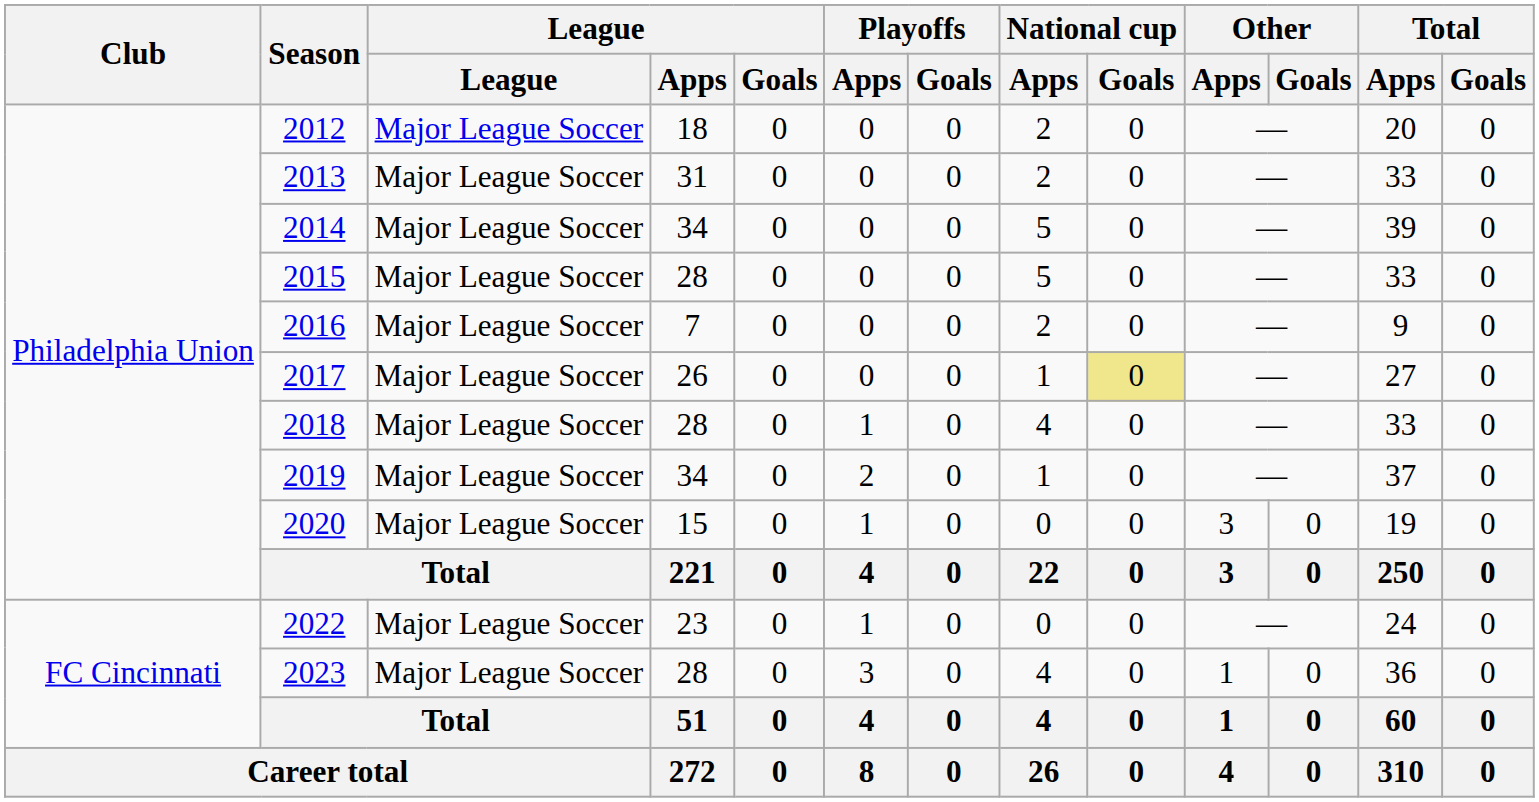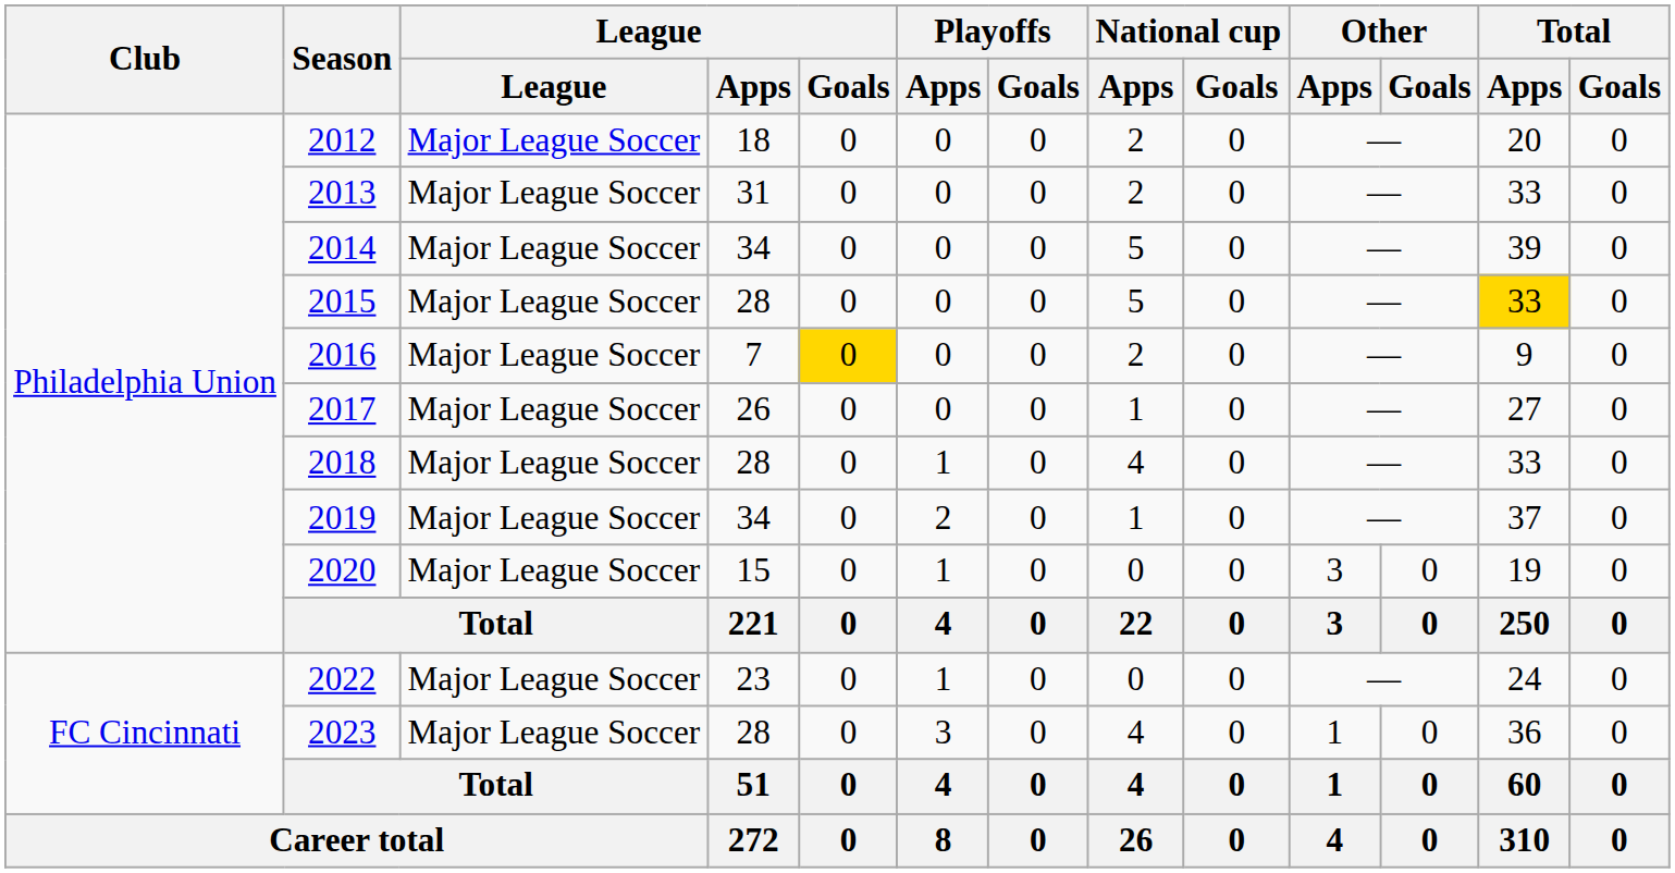 <table class="wikitable" style="text-align:center">
 <tr>
 <th rowspan="2">Club</th>
 <th rowspan="2">Season</th>
 <th colspan="3">League</th>
 <th colspan="2">Playoffs</th>
 <th colspan=2>National cup</th>
 <th colspan=2>Other</th>
 <th colspan=2>Total</th>
 </tr>
 <tr>
 <th>League</th>
 <th>Apps</th>
 <th>Goals</th>
 <th>Apps</th>
 <th>Goals</th>
 <th>Apps</th>
 <th>Goals</th>
 <th>Apps</th>
 <th>Goals</th>
 <th>Apps</th>
 <th>Goals</th>
 </tr>
 <tr>
 <td rowspan="10"><a href='#'>Philadelphia Union</a></td>
 <td><a href='#'>2012</a></td>
 <td><a href='#'>Major League Soccer</a></td>
 <td>18</td>
 <td>0</td>
 <td>0</td>
 <td>0</td>
 <td>2</td>
 <td>0</td>
 <td colspan="2">—</td>
 <td>20</td>
 <td>0</td>
 </tr>
 <tr>
 <td><a href='#'>2013</a></td>
 <td>Major League Soccer</td>
 <td>31</td>
 <td>0</td>
 <td>0</td>
 <td>0</td>
 <td>2</td>
 <td>0</td>
 <td colspan="2">—</td>
 <td>33</td>
 <td>0</td>
 </tr>
 <tr>
 <td><a href='#'>2014</a></td>
 <td>Major League Soccer</td>
 <td>34</td>
 <td>0</td>
 <td>0</td>
 <td>0</td>
 <td>5</td>
 <td>0</td>
 <td colspan="2">—</td>
 <td>39</td>
 <td>0</td>
 </tr>
 <tr>
 <td><a href='#'>2015</a></td>
 <td>Major League Soccer</td>
 <td>28</td>
 <td>0</td>
 <td>0</td>
 <td>0</td>
 <td>5</td>
 <td>0</td>
 <td colspan="2">—</td>
-<td>33</td>
+<td style="background: gold;">33</td>
 <td>0</td>
 </tr>
 <tr>
 <td><a href='#'>2016</a></td>
 <td>Major League Soccer</td>
 <td>7</td>
-<td>0</td>
+<td style="background: gold;">0</td>
 <td>0</td>
 <td>0</td>
 <td>2</td>
 <td>0</td>
 <td colspan="2">—</td>
 <td>9</td>
 <td>0</td>
 </tr>
 <tr>
 <td><a href='#'>2017</a></td>
 <td>Major League Soccer</td>
 <td>26</td>
 <td>0</td>
 <td>0</td>
 <td>0</td>
 <td>1</td>
-<td style="background: khaki;">0</td>
+<td>0</td>
 <td colspan="2">—</td>
 <td>27</td>
 <td>0</td>
 </tr>
 <tr>
 <td><a href='#'>2018</a></td>
 <td>Major League Soccer</td>
 <td>28</td>
 <td>0</td>
 <td>1</td>
 <td>0</td>
 <td>4</td>
 <td>0</td>
 <td colspan="2">—</td>
 <td>33</td>
 <td>0</td>
 </tr>
 <tr>
 <td><a href='#'>2019</a></td>
 <td>Major League Soccer</td>
 <td>34</td>
 <td>0</td>
 <td>2</td>
 <td>0</td>
 <td>1</td>
 <td>0</td>
 <td colspan="2">—</td>
 <td>37</td>
 <td>0</td>
 </tr>
 <tr>
 <td><a href='#'>2020</a></td>
 <td>Major League Soccer</td>
 <td>15</td>
 <td>0</td>
 <td>1</td>
 <td>0</td>
 <td>0</td>
 <td>0</td>
 <td>3</td>
 <td>0</td>
 <td>19</td>
 <td>0</td>
 </tr>
 <tr>
 <th colspan="2">Total</th>
 <th>221</th>
 <th>0</th>
 <th>4</th>
 <th>0</th>
 <th>22</th>
 <th>0</th>
 <th>3</th>
 <th>0</th>
 <th>250</th>
 <th>0</th>
 </tr>
 <tr>
 <td rowspan="3"><a href='#'>FC Cincinnati</a></td>
 <td><a href='#'>2022</a></td>
 <td>Major League Soccer</td>
 <td>23</td>
 <td>0</td>
 <td>1</td>
 <td>0</td>
 <td>0</td>
 <td>0</td>
 <td colspan="2">—</td>
 <td>24</td>
 <td>0</td>
 </tr>
 <tr>
 <td><a href='#'>2023</a></td>
 <td>Major League Soccer</td>
 <td>28</td>
 <td>0</td>
 <td>3</td>
 <td>0</td>
 <td>4</td>
 <td>0</td>
 <td>1</td>
 <td>0</td>
 <td>36</td>
 <td>0</td>
 </tr>
 <tr>
 <th colspan="2">Total</th>
 <th>51</th>
 <th>0</th>
 <th>4</th>
 <th>0</th>
 <th>4</th>
 <th>0</th>
 <th>1</th>
 <th>0</th>
 <th>60</th>
 <th>0</th>
 </tr>
 <tr>
 <th colspan="3">Career total</th>
 <th>272</th>
 <th>0</th>
 <th>8</th>
 <th>0</th>
 <th>26</th>
 <th>0</th>
 <th>4</th>
 <th>0</th>
 <th>310</th>
 <th>0</th>
 </tr>
 </table>
